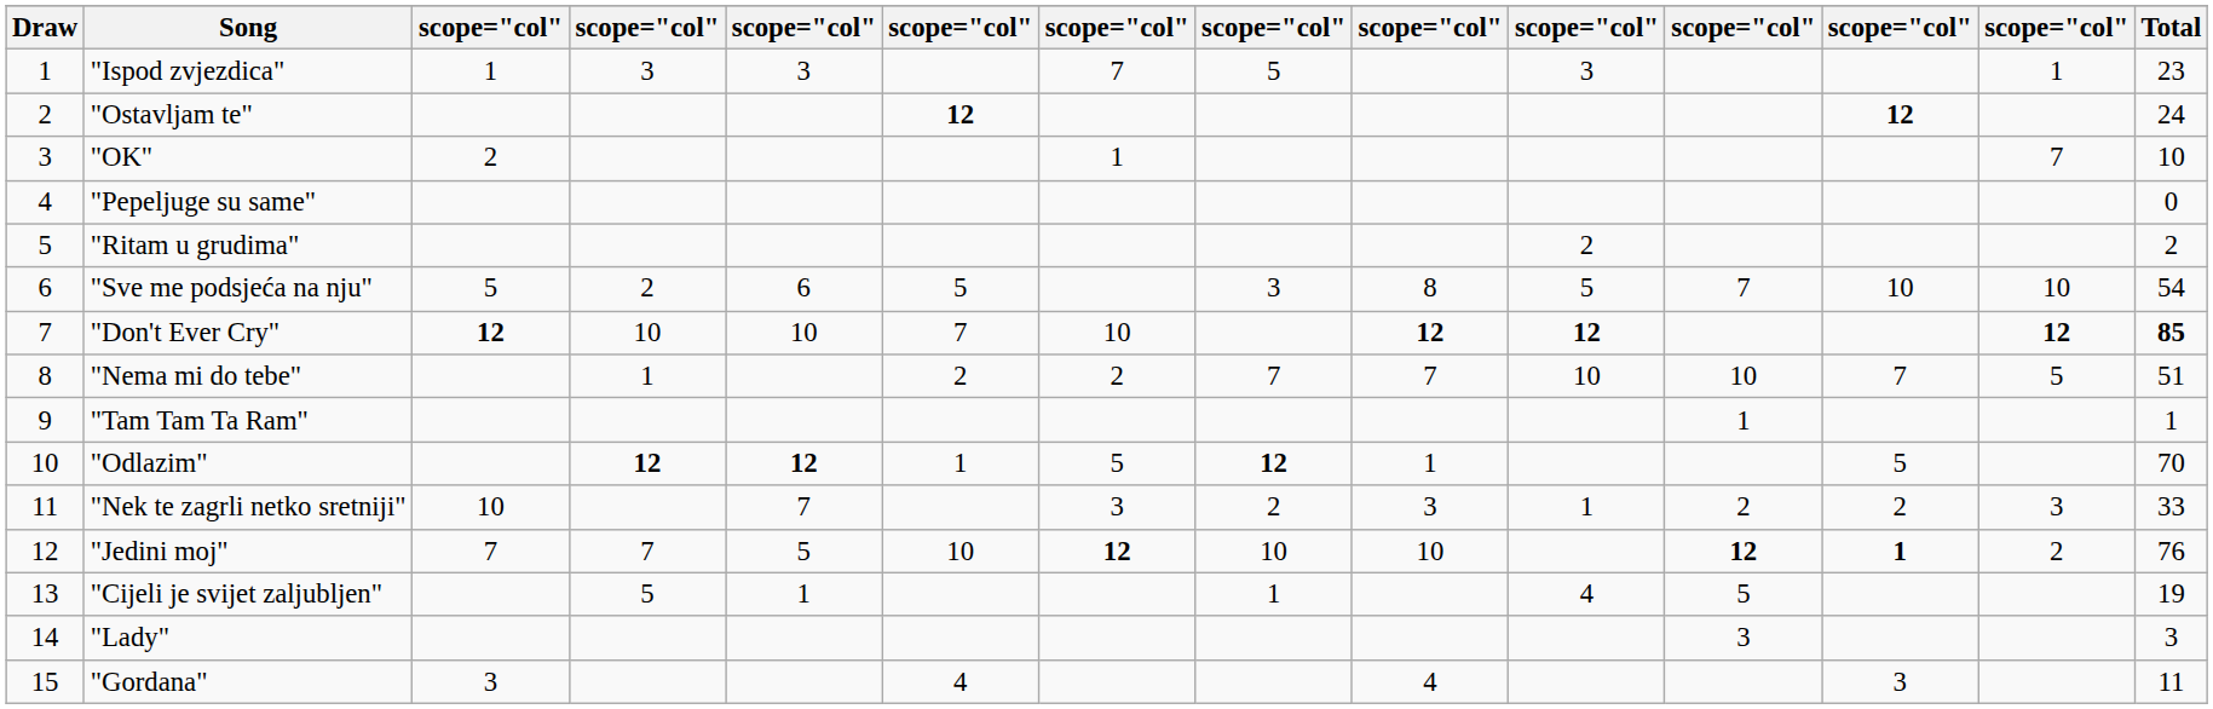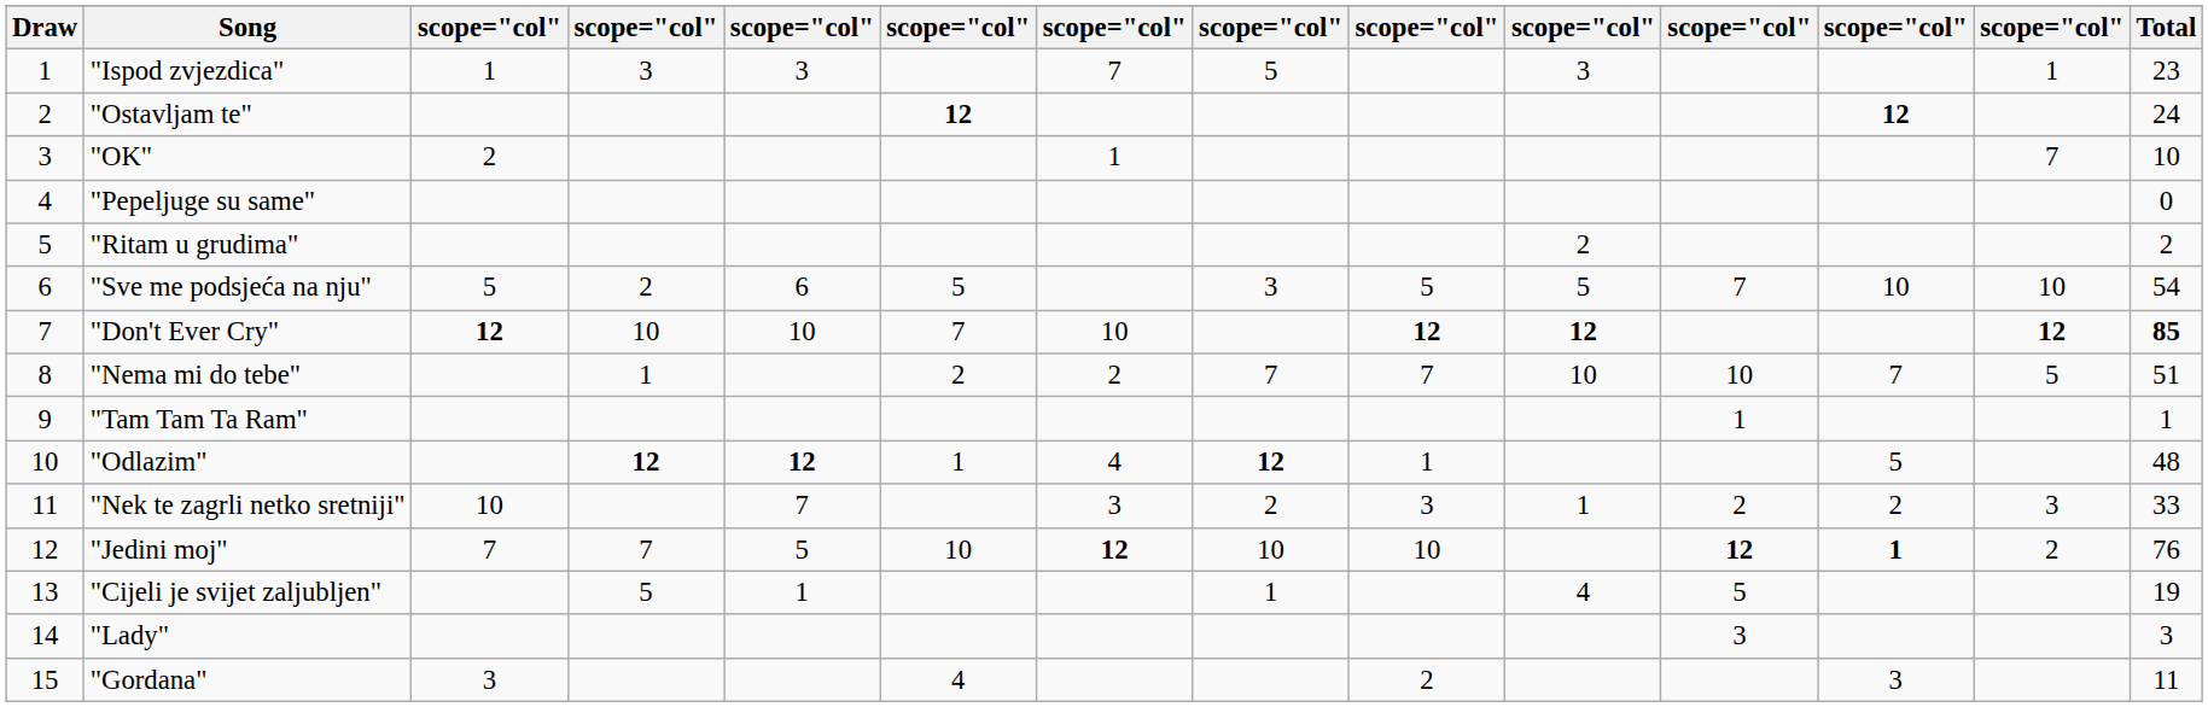 <table class="wikitable plainrowheaders" style="margin: 1em auto 1em auto; text-align:center;">
 <tr>
 </tr>
 <tr>
 <th scope="col">Draw</th>
 <th scope="col">Song</th>
 <th>scope="col" </th>
 <th>scope="col" </th>
 <th>scope="col" </th>
 <th>scope="col" </th>
 <th>scope="col" </th>
 <th>scope="col" </th>
 <th>scope="col" </th>
 <th>scope="col" </th>
 <th>scope="col" </th>
 <th>scope="col" </th>
 <th>scope="col" </th>
 <th scope="col">Total</th>
 </tr>
 <tr --->
 <td>1</td>
 <td align="left">"Ispod zvjezdica"</td>
 <td>1</td>
 <td>3</td>
 <td>3</td>
 <td></td>
 <td>7</td>
 <td>5</td>
 <td></td>
 <td>3</td>
 <td></td>
 <td></td>
 <td>1</td>
 <td>23</td>
 </tr>
 <tr --->
 <td>2</td>
 <td align="left">"Ostavljam te"</td>
 <td></td>
 <td></td>
 <td></td>
 <td><strong>12</strong></td>
 <td></td>
 <td></td>
 <td></td>
 <td></td>
 <td></td>
 <td><strong>12</strong></td>
 <td></td>
 <td>24</td>
 </tr>
 <tr --->
 <td>3</td>
 <td align="left">"OK"</td>
 <td>2</td>
 <td></td>
 <td></td>
 <td></td>
 <td>1</td>
 <td></td>
 <td></td>
 <td></td>
 <td></td>
 <td></td>
 <td>7</td>
 <td>10</td>
 </tr>
 <tr --->
 <td>4</td>
 <td align="left">"Pepeljuge su same"</td>
 <td></td>
 <td></td>
 <td></td>
 <td></td>
 <td></td>
 <td></td>
 <td></td>
 <td></td>
 <td></td>
 <td></td>
 <td></td>
 <td>0</td>
 </tr>
 <tr --->
 <td>5</td>
 <td align="left">"Ritam u grudima"</td>
 <td></td>
 <td></td>
 <td></td>
 <td></td>
 <td></td>
 <td></td>
 <td></td>
 <td>2</td>
 <td></td>
 <td></td>
 <td></td>
 <td>2</td>
 </tr>
 <tr --->
 <td>6</td>
 <td align="left">"Sve me podsjeća na nju"</td>
 <td>5</td>
 <td>2</td>
 <td>6</td>
 <td>5</td>
 <td></td>
 <td>3</td>
-<td>8</td>
+<td>5</td>
 <td>5</td>
 <td>7</td>
 <td>10</td>
 <td>10</td>
 <td>54</td>
 </tr>
 <tr>
 <td>7</td>
 <td align="left">"Don't Ever Cry"</td>
 <td><strong>12</strong></td>
 <td>10</td>
 <td>10</td>
 <td>7</td>
 <td>10</td>
 <td></td>
 <td><strong>12</strong></td>
 <td><strong>12</strong></td>
 <td></td>
 <td></td>
 <td><strong>12</strong></td>
 <td><strong>85</strong></td>
 </tr>
 <tr --->
 <td>8</td>
 <td align="left">"Nema mi do tebe"</td>
 <td></td>
 <td>1</td>
 <td></td>
 <td>2</td>
 <td>2</td>
 <td>7</td>
 <td>7</td>
 <td>10</td>
 <td>10</td>
 <td>7</td>
 <td>5</td>
 <td>51</td>
 </tr>
 <tr --->
 <td>9</td>
 <td align="left">"Tam Tam Ta Ram"</td>
 <td></td>
 <td></td>
 <td></td>
 <td></td>
 <td></td>
 <td></td>
 <td></td>
 <td></td>
 <td>1</td>
 <td></td>
 <td></td>
 <td>1</td>
 </tr>
 <tr --->
 <td>10</td>
 <td align="left">"Odlazim"</td>
 <td></td>
 <td><strong>12</strong></td>
 <td><strong>12</strong></td>
 <td>1</td>
-<td>5</td>
+<td>4</td>
 <td><strong>12</strong></td>
 <td>1</td>
 <td></td>
 <td></td>
 <td>5</td>
 <td></td>
-<td>70</td>
+<td>48</td>
 </tr>
 <tr --->
 <td>11</td>
 <td align="left">"Nek te zagrli netko sretniji"</td>
 <td>10</td>
 <td></td>
 <td>7</td>
 <td></td>
 <td>3</td>
 <td>2</td>
 <td>3</td>
 <td>1</td>
 <td>2</td>
 <td>2</td>
 <td>3</td>
 <td>33</td>
 </tr>
 <tr --->
 <td>12</td>
 <td align="left">"Jedini moj"</td>
 <td>7</td>
 <td>7</td>
 <td>5</td>
 <td>10</td>
 <td><strong>12</strong></td>
 <td>10</td>
 <td>10</td>
 <td></td>
 <td><strong>12</strong></td>
 <td><strong>1</strong></td>
 <td>2</td>
 <td>76</td>
 </tr>
 <tr --->
 <td>13</td>
 <td align="left">"Cijeli je svijet zaljubljen"</td>
 <td></td>
 <td>5</td>
 <td>1</td>
 <td></td>
 <td></td>
 <td>1</td>
 <td></td>
 <td>4</td>
 <td>5</td>
 <td></td>
 <td></td>
 <td>19</td>
 </tr>
 <tr --->
 <td>14</td>
 <td align="left">"Lady"</td>
 <td></td>
 <td></td>
 <td></td>
 <td></td>
 <td></td>
 <td></td>
 <td></td>
 <td></td>
 <td>3</td>
 <td></td>
 <td></td>
 <td>3</td>
 </tr>
 <tr --->
 <td>15</td>
 <td align="left">"Gordana"</td>
 <td>3</td>
 <td></td>
 <td></td>
 <td>4</td>
 <td></td>
 <td></td>
-<td>4</td>
+<td>2</td>
 <td></td>
 <td></td>
 <td>3</td>
 <td></td>
 <td>11</td>
 </tr>
 </table>
